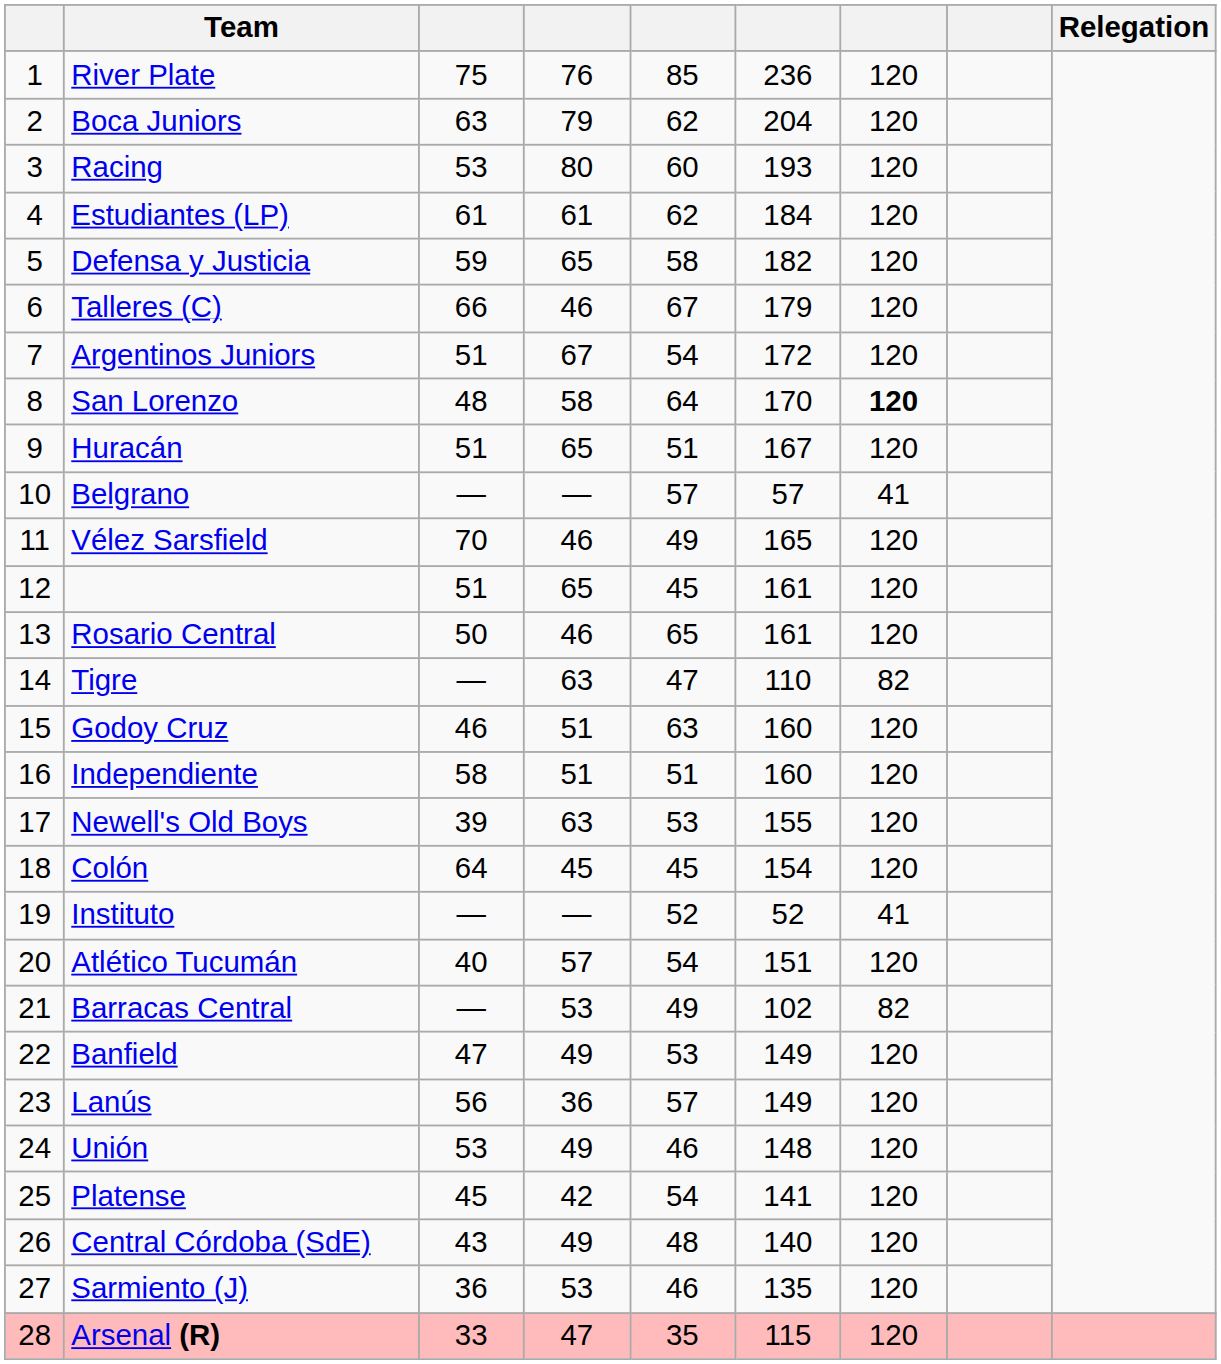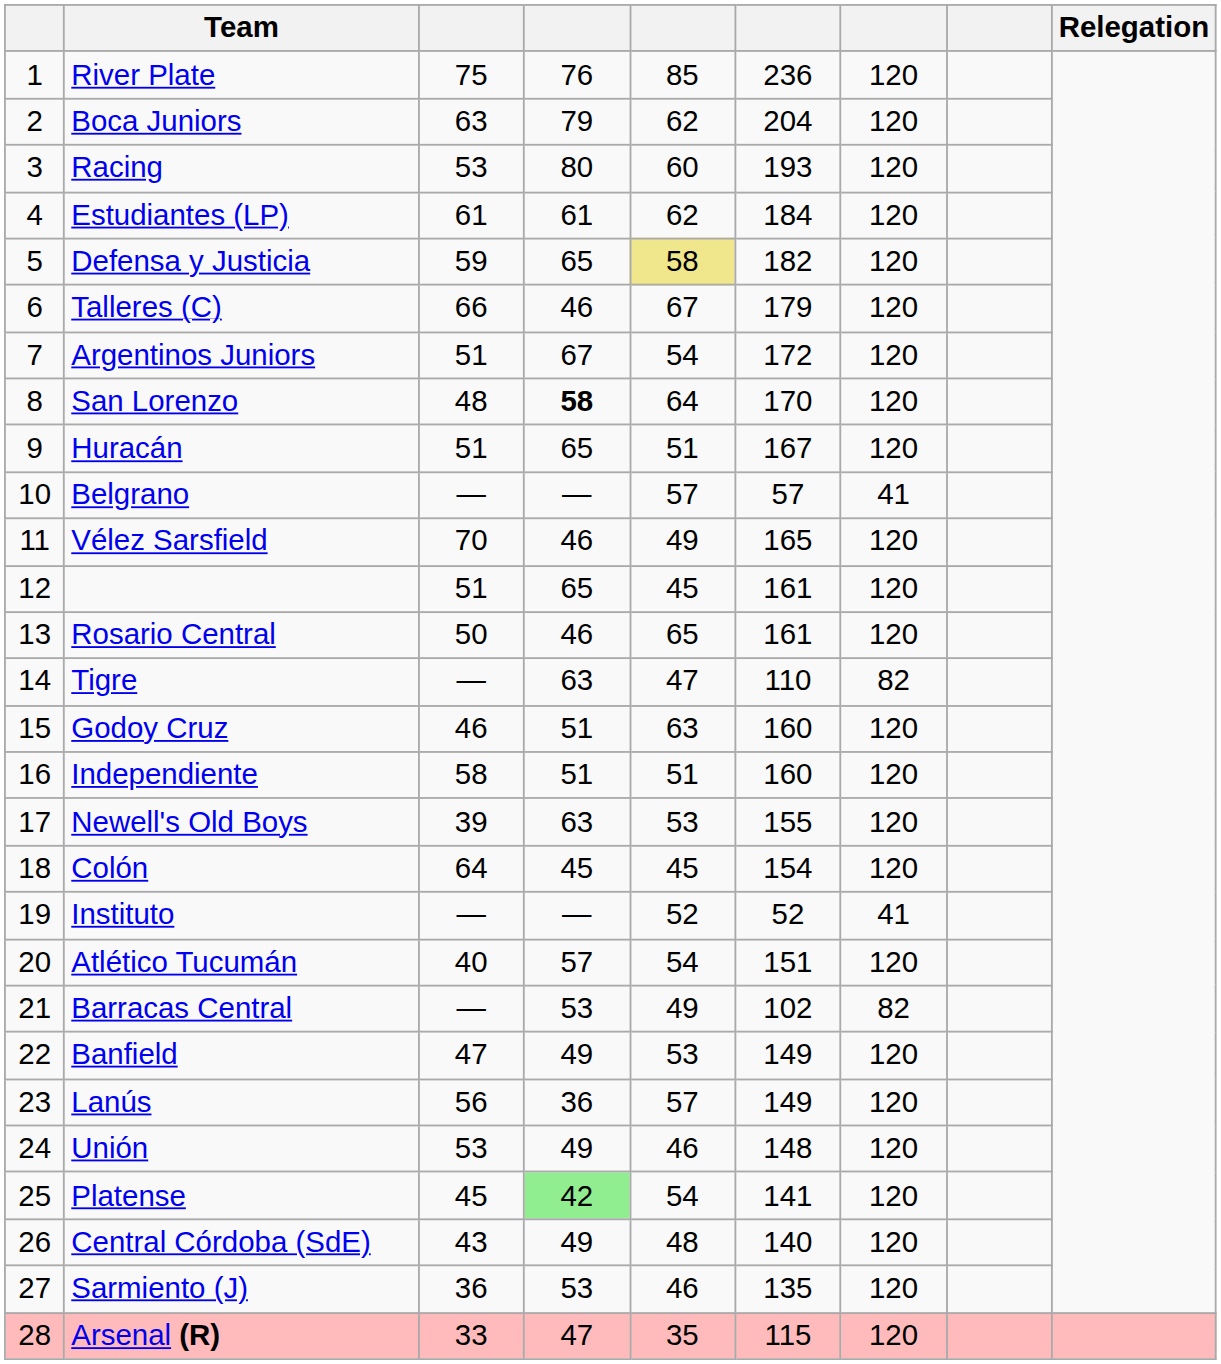 <table class="wikitable sortable" style="text-align: center;">
 <tr>
 <th width=25></th>
 <th width=185>Team</th>
 <th width=50></th>
 <th width=50></th>
 <th width=50></th>
 <th width=50></th>
 <th width=50></th>
 <th width=50></th>
 <th>Relegation</th>
 </tr>
 <tr>
 <td>1</td>
 <td align="left"><a href='#'>River Plate</a></td>
 <td>75</td>
 <td>76</td>
 <td>85</td>
 <td>236</td>
 <td>120</td>
 <td><strong></strong></td>
 <td rowspan=27></td>
 </tr>
 <tr>
 <td>2</td>
 <td align="left"><a href='#'>Boca Juniors</a></td>
 <td>63</td>
 <td>79</td>
 <td>62</td>
 <td>204</td>
 <td>120</td>
 <td><strong></strong></td>
 </tr>
 <tr>
 <td>3</td>
 <td align="left"><a href='#'>Racing</a></td>
 <td>53</td>
 <td>80</td>
 <td>60</td>
 <td>193</td>
 <td>120</td>
 <td><strong></strong></td>
 </tr>
 <tr>
 <td>4</td>
 <td align="left"><a href='#'>Estudiantes (LP)</a></td>
 <td>61</td>
 <td>61</td>
 <td>62</td>
 <td>184</td>
 <td>120</td>
 <td><strong></strong></td>
 </tr>
 <tr>
 <td>5</td>
 <td align="left"><a href='#'>Defensa y Justicia</a></td>
 <td>59</td>
 <td>65</td>
-<td>58</td>
+<td style="background: khaki;">58</td>
 <td>182</td>
 <td>120</td>
 <td><strong></strong></td>
 </tr>
 <tr>
 <td>6</td>
 <td align="left"><a href='#'>Talleres (C)</a></td>
 <td>66</td>
 <td>46</td>
 <td>67</td>
 <td>179</td>
 <td>120</td>
 <td><strong></strong></td>
 </tr>
 <tr>
 <td>7</td>
 <td align="left"><a href='#'>Argentinos Juniors</a></td>
 <td>51</td>
 <td>67</td>
 <td>54</td>
 <td>172</td>
 <td>120</td>
 <td><strong></strong></td>
 </tr>
 <tr>
 <td>8</td>
 <td align="left"><a href='#'>San Lorenzo</a></td>
 <td>48</td>
-<td>58</td>
+<td><strong>58</strong></td>
 <td>64</td>
 <td>170</td>
-<td><strong>120</strong></td>
+<td>120</td>
 <td><strong></strong></td>
 </tr>
 <tr>
 <td>9</td>
 <td align="left"><a href='#'>Huracán</a></td>
 <td>51</td>
 <td>65</td>
 <td>51</td>
 <td>167</td>
 <td>120</td>
 <td><strong></strong></td>
 </tr>
 <tr>
 <td>10</td>
 <td align="left"><a href='#'>Belgrano</a></td>
 <td>—</td>
 <td>—</td>
 <td>57</td>
 <td>57</td>
 <td>41</td>
 <td><strong></strong></td>
 </tr>
 <tr>
 <td>11</td>
 <td align="left"><a href='#'>Vélez Sarsfield</a></td>
 <td>70</td>
 <td>46</td>
 <td>49</td>
 <td>165</td>
 <td>120</td>
 <td><strong></strong></td>
 </tr>
 <tr>
 <td>12</td>
 <td align="left"></td>
 <td>51</td>
 <td>65</td>
 <td>45</td>
 <td>161</td>
 <td>120</td>
 <td><strong></strong></td>
 </tr>
 <tr>
 <td>13</td>
 <td align="left"><a href='#'>Rosario Central</a></td>
 <td>50</td>
 <td>46</td>
 <td>65</td>
 <td>161</td>
 <td>120</td>
 <td><strong></strong></td>
 </tr>
 <tr>
 <td>14</td>
 <td align="left"><a href='#'>Tigre</a></td>
 <td>—</td>
 <td>63</td>
 <td>47</td>
 <td>110</td>
 <td>82</td>
 <td><strong></strong></td>
 </tr>
 <tr>
 <td>15</td>
 <td align="left"><a href='#'>Godoy Cruz</a></td>
 <td>46</td>
 <td>51</td>
 <td>63</td>
 <td>160</td>
 <td>120</td>
 <td><strong></strong></td>
 </tr>
 <tr>
 <td>16</td>
 <td align="left"><a href='#'>Independiente</a></td>
 <td>58</td>
 <td>51</td>
 <td>51</td>
 <td>160</td>
 <td>120</td>
 <td><strong></strong></td>
 </tr>
 <tr>
 <td>17</td>
 <td align="left"><a href='#'>Newell's Old Boys</a></td>
 <td>39</td>
 <td>63</td>
 <td>53</td>
 <td>155</td>
 <td>120</td>
 <td><strong></strong></td>
 </tr>
 <tr>
 <td>18</td>
 <td align="left"><a href='#'>Colón</a></td>
 <td>64</td>
 <td>45</td>
 <td>45</td>
 <td>154</td>
 <td>120</td>
 <td><strong></strong></td>
 </tr>
 <tr>
 <td>19</td>
 <td align="left"><a href='#'>Instituto</a></td>
 <td>—</td>
 <td>—</td>
 <td>52</td>
 <td>52</td>
 <td>41</td>
 <td><strong></strong></td>
 </tr>
 <tr>
 <td>20</td>
 <td align="left"><a href='#'>Atlético Tucumán</a></td>
 <td>40</td>
 <td>57</td>
 <td>54</td>
 <td>151</td>
 <td>120</td>
 <td><strong></strong></td>
 </tr>
 <tr>
 <td>21</td>
 <td align="left"><a href='#'>Barracas Central</a></td>
 <td>—</td>
 <td>53</td>
 <td>49</td>
 <td>102</td>
 <td>82</td>
 <td><strong></strong></td>
 </tr>
 <tr>
 <td>22</td>
 <td align="left"><a href='#'>Banfield</a></td>
 <td>47</td>
 <td>49</td>
 <td>53</td>
 <td>149</td>
 <td>120</td>
 <td><strong></strong></td>
 </tr>
 <tr>
 <td>23</td>
 <td align="left"><a href='#'>Lanús</a></td>
 <td>56</td>
 <td>36</td>
 <td>57</td>
 <td>149</td>
 <td>120</td>
 <td><strong></strong></td>
 </tr>
 <tr>
 <td>24</td>
 <td align="left"><a href='#'>Unión</a></td>
 <td>53</td>
 <td>49</td>
 <td>46</td>
 <td>148</td>
 <td>120</td>
 <td><strong></strong></td>
 </tr>
 <tr>
 <td>25</td>
 <td align="left"><a href='#'>Platense</a></td>
 <td>45</td>
-<td>42</td>
+<td style="background: lightgreen;">42</td>
 <td>54</td>
 <td>141</td>
 <td>120</td>
 <td><strong></strong></td>
 </tr>
 <tr>
 <td>26</td>
 <td align="left"><a href='#'>Central Córdoba (SdE)</a></td>
 <td>43</td>
 <td>49</td>
 <td>48</td>
 <td>140</td>
 <td>120</td>
 <td><strong></strong></td>
 </tr>
 <tr>
 <td>27</td>
 <td align="left"><a href='#'>Sarmiento (J)</a></td>
 <td>36</td>
 <td>53</td>
 <td>46</td>
 <td>135</td>
 <td>120</td>
 <td><strong></strong></td>
 </tr>
 <tr bgcolor=#FFBBBB>
 <td>28</td>
 <td align="left"><a href='#'>Arsenal</a> <strong>(R)</strong></td>
 <td>33</td>
 <td>47</td>
 <td>35</td>
 <td>115</td>
 <td>120</td>
 <td><strong></strong></td>
 <td></td>
 </tr>
 </table>
